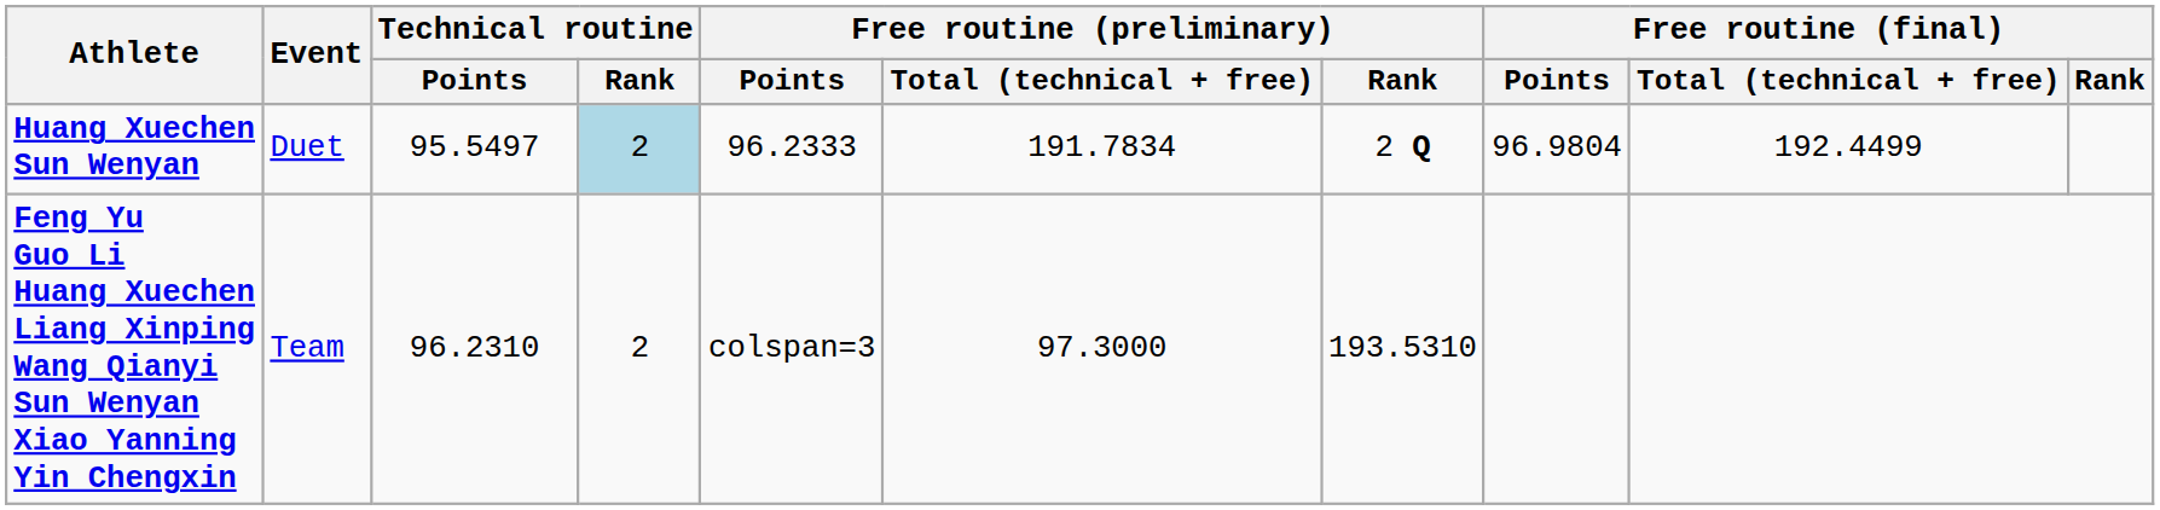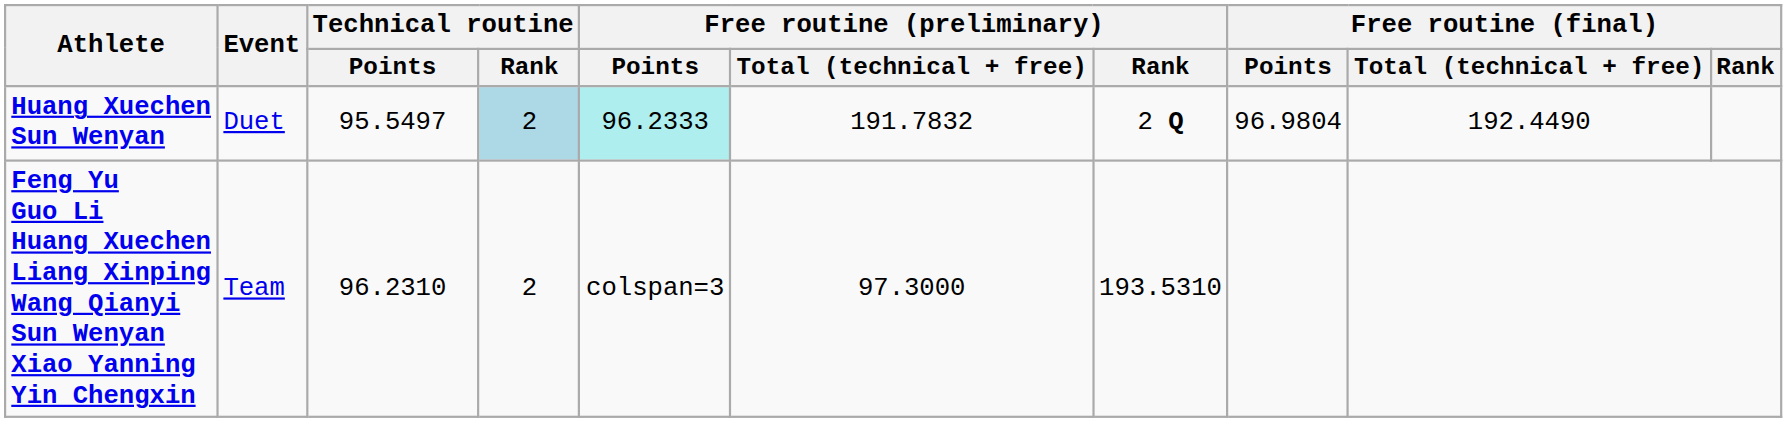 <table class="wikitable" style="font-size:90%">
 <tr>
 <th rowspan="2">Athlete</th>
 <th rowspan="2">Event</th>
 <th colspan=2>Technical routine</th>
 <th colspan=3>Free routine (preliminary)</th>
 <th colspan=3>Free routine (final)</th>
 </tr>
 <tr style="font-size:95%">
 <th>Points</th>
 <th>Rank</th>
 <th>Points</th>
 <th>Total (technical + free)</th>
 <th>Rank</th>
 <th>Points</th>
 <th>Total (technical + free)</th>
 <th>Rank</th>
 </tr>
 <tr align=center>
 <td align=left><strong><a href='#'>Huang Xuechen</a><br><a href='#'>Sun Wenyan</a></strong></td>
 <td align=left><a href='#'>Duet</a></td>
 <td>95.5497</td>
 <td style="background: lightblue;">2</td>
-<td>96.2333</td>
-<td>191.7834</td>
+<td style="background: paleturquoise;">96.2333</td>
+<td>191.7832</td>
 <td>2 <strong>Q</strong></td>
 <td>96.9804</td>
-<td>192.4499</td>
+<td>192.4490</td>
 <td></td>
 </tr>
 <tr align=center>
 <td align=left><strong><a href='#'>Feng Yu</a><br><a href='#'>Guo Li</a><br><a href='#'>Huang Xuechen</a><br><a href='#'>Liang Xinping</a><br><a href='#'>Wang Qianyi</a><br><a href='#'>Sun Wenyan</a><br><a href='#'>Xiao Yanning</a><br><a href='#'>Yin Chengxin</a></strong></td>
 <td align=left><a href='#'>Team</a></td>
 <td>96.2310</td>
 <td>2</td>
 <td>colspan=3 </td>
 <td>97.3000</td>
 <td>193.5310</td>
 <td></td>
 </tr>
 </table>
